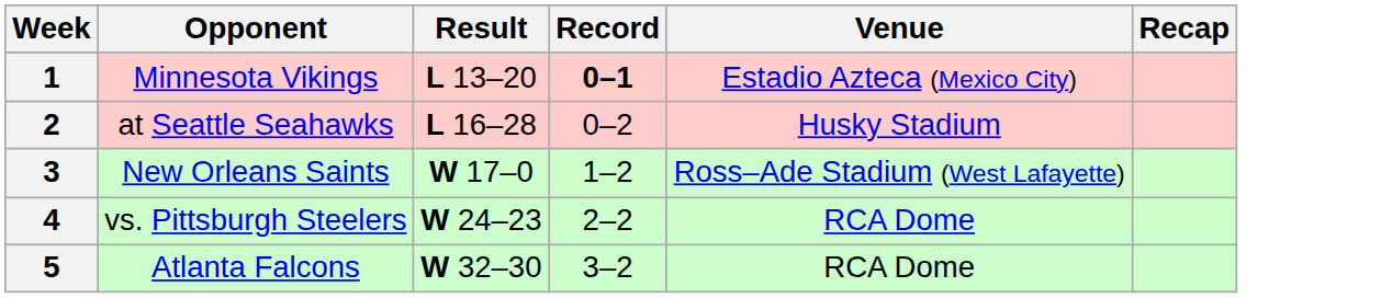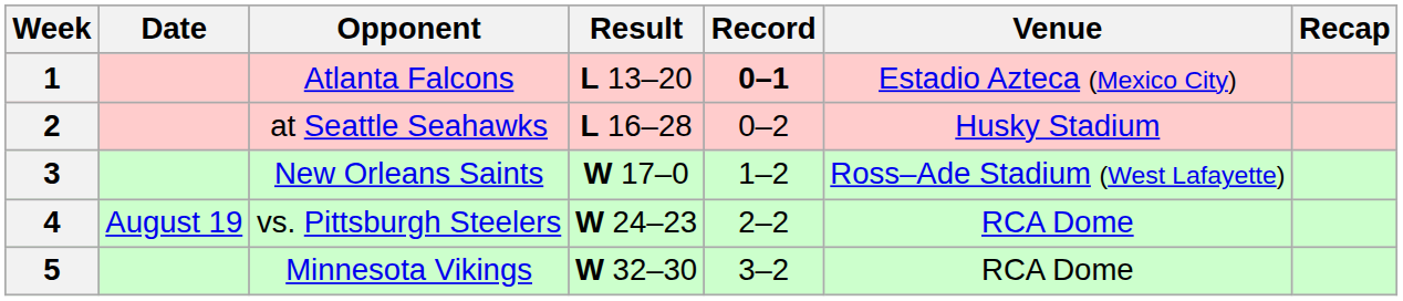 <table class="wikitable" style="text-align:center">
 <tr>
 <th>Week</th>
+<th>Date</th>
 <th>Opponent</th>
 <th>Result</th>
 <th>Record</th>
 <th>Venue</th>
 <th>Recap</th>
 </tr>
 <tr style="background:#fcc">
 <th>1</th>
-<td><a href='#'>Minnesota Vikings</a></td>
+<td></td>
+<td><a href='#'>Atlanta Falcons</a></td>
 <td><strong>L</strong> 13–20</td>
 <td><strong>0–1</strong></td>
 <td> <a href='#'>Estadio Azteca</a> <small>(<a href='#'>Mexico City</a>)</small></td>
 <td></td>
 </tr>
 <tr style="background:#fcc">
 <th>2</th>
+<td></td>
 <td>at <a href='#'>Seattle Seahawks</a></td>
 <td><strong>L</strong> 16–28</td>
 <td>0–2</td>
 <td><a href='#'>Husky Stadium</a></td>
 <td></td>
 </tr>
 <tr style="background:#cfc">
 <th>3</th>
+<td></td>
 <td><a href='#'>New Orleans Saints</a></td>
 <td><strong>W</strong> 17–0</td>
 <td>1–2</td>
 <td><a href='#'>Ross–Ade Stadium</a> <small>(<a href='#'>West Lafayette</a>)</small></td>
 <td></td>
 </tr>
 <tr style="background:#cfc">
 <th>4</th>
+<td><a href='#'>August 19</a></td>
 <td>vs. <a href='#'>Pittsburgh Steelers</a></td>
 <td><strong>W</strong> 24–23</td>
 <td>2–2</td>
 <td><a href='#'>RCA Dome</a></td>
 <td></td>
 </tr>
 <tr style="background:#cfc">
 <th>5</th>
-<td><a href='#'>Atlanta Falcons</a></td>
+<td></td>
+<td><a href='#'>Minnesota Vikings</a></td>
 <td><strong>W</strong> 32–30</td>
 <td>3–2</td>
 <td>RCA Dome</td>
 <td></td>
 </tr>
 </table>
